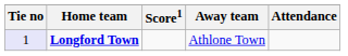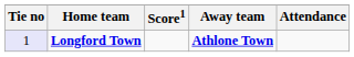 <table class="wikitable" style="text-align: center">
 <tr>
 </tr>
 <tr>
 <th>Tie no</th>
 <th>Home team</th>
 <th>Score<sup>1</sup></th>
 <th>Away team</th>
 <th>Attendance</th>
 </tr>
 <tr>
 <td style="background: lavender;">1</td>
 <td><strong><a href='#'>Longford Town</a></strong></td>
 <td></td>
-<td><a href='#'>Athlone Town</a></td>
+<td><strong><a href='#'>Athlone Town</a></strong></td>
 <td></td>
 </tr>
 </table>
